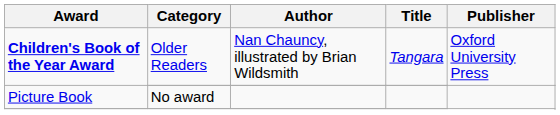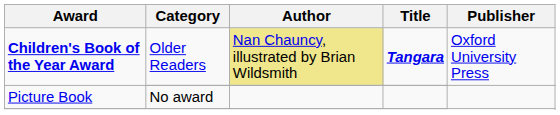 <table class="wikitable" width=95%>
 <tr>
 <th>Award</th>
 <th>Category</th>
 <th>Author</th>
 <th>Title</th>
 <th>Publisher</th>
 </tr>
 <tr>
 <td rowspan=2><strong><a href='#'>Children's Book of the Year Award</a></strong></td>
 <td><a href='#'>Older Readers</a></td>
-<td><a href='#'>Nan Chauncy</a>, illustrated by Brian Wildsmith</td>
-<td><em><a href='#'>Tangara</a></em></td>
+<td style="background: khaki;"><a href='#'>Nan Chauncy</a>, illustrated by Brian Wildsmith</td>
+<td><strong><em><a href='#'>Tangara</a></em></strong></td>
 <td><a href='#'>Oxford University Press</a></td>
 </tr>
 <tr>
 </tr>
 <tr>
 <td><a href='#'>Picture Book</a></td>
 <td>No award</td>
 <td></td>
 <td></td>
 </tr>
 <tr>
 </tr>
 </table>
